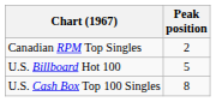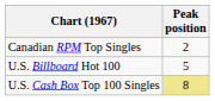 <table class="wikitable">
 <tr>
 <th>Chart (1967)</th>
 <th>Peak<br>position</th>
 </tr>
 <tr>
 <td>Canadian <em><a href='#'>RPM</a></em> Top Singles</td>
 <td align=center>2</td>
 </tr>
 <tr>
 <td>U.S. <em><a href='#'>Billboard</a></em> Hot 100</td>
 <td align=center>5</td>
 </tr>
 <tr>
 <td>U.S. <em><a href='#'>Cash Box</a></em> Top 100 Singles</td>
-<td align=center>8</td>
+<td align=center style="background: khaki;">8</td>
 </tr>
 </table>
